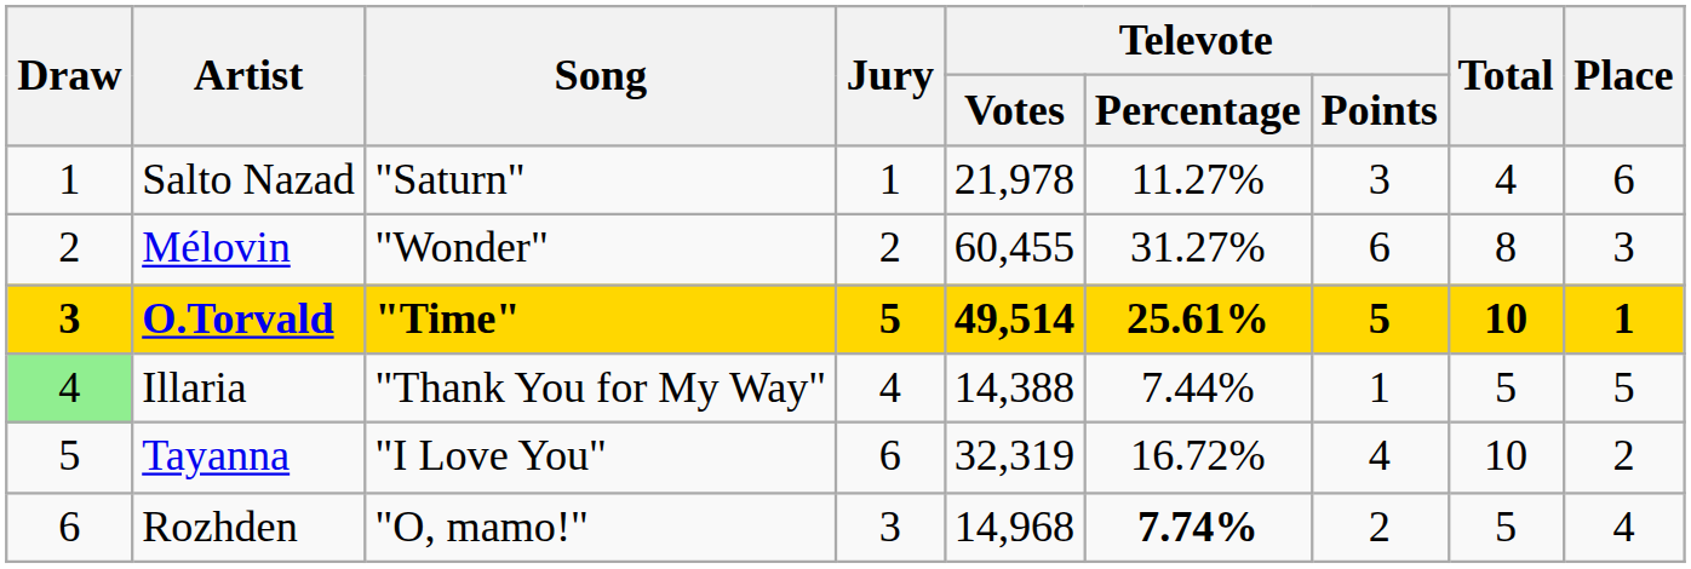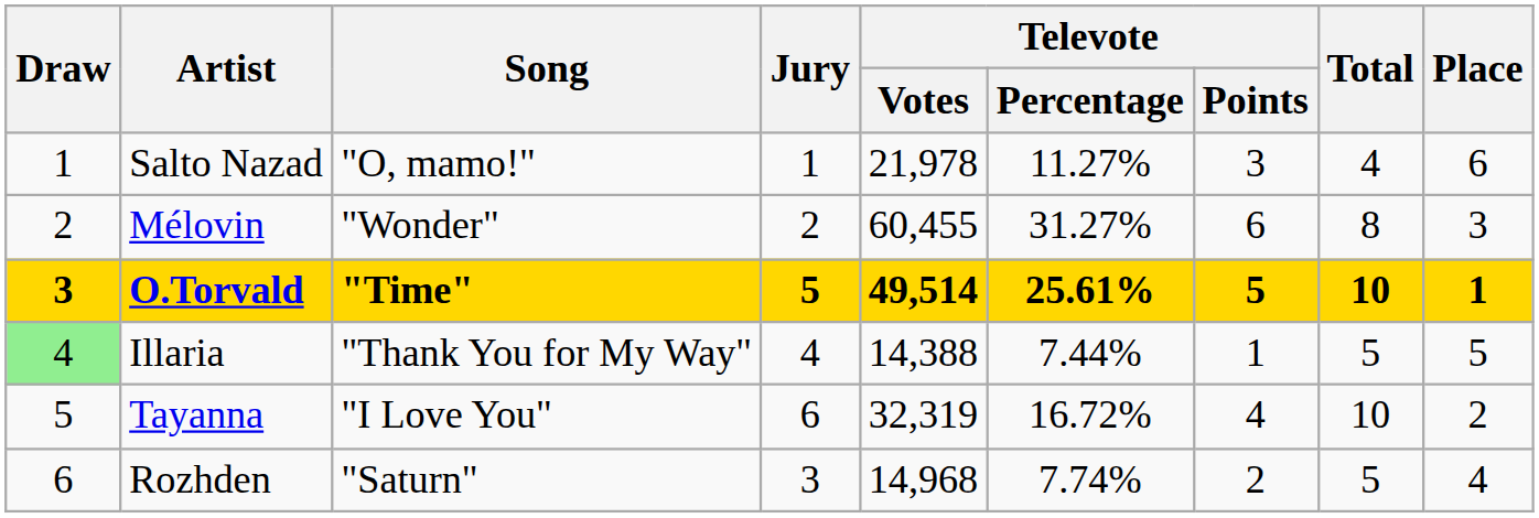 <table class="sortable wikitable" style="margin: 1em auto 1em auto; text-align:center;">
 <tr>
 <th rowspan="2">Draw</th>
 <th rowspan="2">Artist</th>
 <th rowspan="2">Song</th>
 <th rowspan="2">Jury</th>
 <th colspan="3">Televote</th>
 <th rowspan="2">Total</th>
 <th rowspan="2">Place</th>
 </tr>
 <tr>
 <th>Votes</th>
 <th>Percentage</th>
 <th>Points</th>
 </tr>
 <tr>
 <td>1</td>
 <td align="left">Salto Nazad</td>
-<td align="left">"Saturn"</td>
+<td align="left">"O, mamo!"</td>
 <td>1</td>
 <td>21,978</td>
 <td>11.27%</td>
 <td>3</td>
 <td>4</td>
 <td>6</td>
 </tr>
 <tr>
 <td>2</td>
 <td align="left"><a href='#'>Mélovin</a></td>
 <td align="left">"Wonder"</td>
 <td>2</td>
 <td>60,455</td>
 <td>31.27%</td>
 <td>6</td>
 <td>8</td>
 <td>3</td>
 </tr>
 <tr style="font-weight:bold; background:gold;">
 <td>3</td>
 <td align="left"><a href='#'>O.Torvald</a></td>
 <td align="left">"Time"</td>
 <td>5</td>
 <td>49,514</td>
 <td>25.61%</td>
 <td>5</td>
 <td>10</td>
 <td>1</td>
 </tr>
 <tr>
 <td style="background: lightgreen;">4</td>
 <td align="left">Illaria</td>
 <td align="left">"Thank You for My Way"</td>
 <td>4</td>
 <td>14,388</td>
 <td>7.44%</td>
 <td>1</td>
 <td>5</td>
 <td>5</td>
 </tr>
 <tr>
 <td>5</td>
 <td align="left"><a href='#'>Tayanna</a></td>
 <td align="left">"I Love You"</td>
 <td>6</td>
 <td>32,319</td>
 <td>16.72%</td>
 <td>4</td>
 <td>10</td>
 <td>2</td>
 </tr>
 <tr>
 <td>6</td>
 <td align="left">Rozhden</td>
-<td align="left">"O, mamo!"</td>
+<td align="left">"Saturn"</td>
 <td>3</td>
 <td>14,968</td>
-<td><strong>7.74%</strong></td>
+<td>7.74%</td>
 <td>2</td>
 <td>5</td>
 <td>4</td>
 </tr>
 </table>
